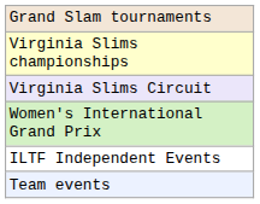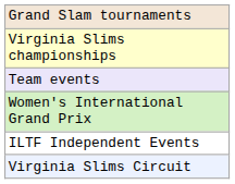 <table class=wikitable  style=font-size:90%;width:15%>
 <tr style="background:#F3E6D7;">
 <td>Grand Slam tournaments</td>
 </tr>
 <tr style="background:#ffc;">
 <td>Virginia Slims championships</td>
 </tr>
 <tr style="background:#ebe6fa;">
-<td>Virginia Slims Circuit</td>
+<td>Team events</td>
 </tr>
 <tr style="background:#D4F1C5;">
 <td>Women's International Grand Prix</td>
 </tr>
 <tr style="background:#fff;">
 <td>ILTF Independent Events</td>
 </tr>
 <tr style="background:#ECF2FF;">
-<td>Team events</td>
+<td>Virginia Slims Circuit</td>
 </tr>
 </table>
